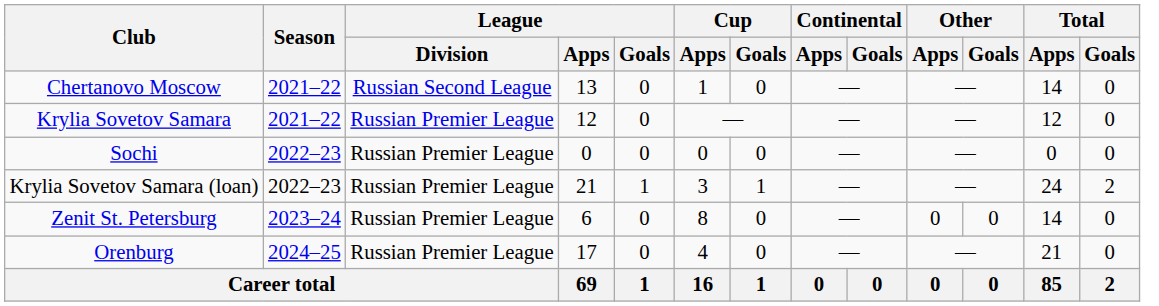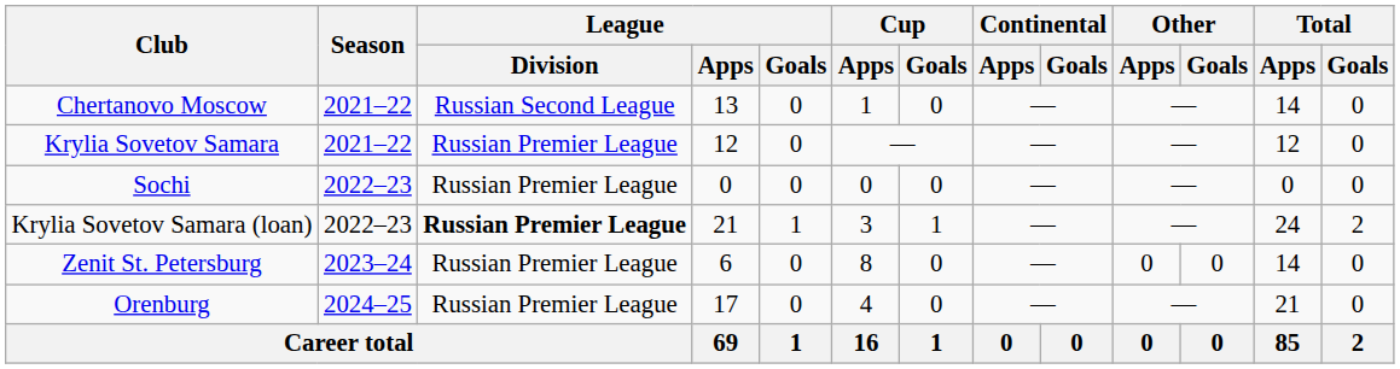 <table class="wikitable" style="text-align: center;">
 <tr>
 <th rowspan="2">Club</th>
 <th rowspan="2">Season</th>
 <th colspan="3">League</th>
 <th colspan="2">Cup</th>
 <th colspan="2">Continental</th>
 <th colspan="2">Other</th>
 <th colspan="2">Total</th>
 </tr>
 <tr>
 <th>Division</th>
 <th>Apps</th>
 <th>Goals</th>
 <th>Apps</th>
 <th>Goals</th>
 <th>Apps</th>
 <th>Goals</th>
 <th>Apps</th>
 <th>Goals</th>
 <th>Apps</th>
 <th>Goals</th>
 </tr>
 <tr>
 <td><a href='#'>Chertanovo Moscow</a></td>
 <td><a href='#'>2021–22</a></td>
 <td><a href='#'>Russian Second League</a></td>
 <td>13</td>
 <td>0</td>
 <td>1</td>
 <td>0</td>
 <td colspan="2">—</td>
 <td colspan="2">—</td>
 <td>14</td>
 <td>0</td>
 </tr>
 <tr>
 <td><a href='#'>Krylia Sovetov Samara</a></td>
 <td><a href='#'>2021–22</a></td>
 <td><a href='#'>Russian Premier League</a></td>
 <td>12</td>
 <td>0</td>
 <td colspan="2">—</td>
 <td colspan="2">—</td>
 <td colspan="2">—</td>
 <td>12</td>
 <td>0</td>
 </tr>
 <tr>
 <td><a href='#'>Sochi</a></td>
 <td><a href='#'>2022–23</a></td>
 <td>Russian Premier League</td>
 <td>0</td>
 <td>0</td>
 <td>0</td>
 <td>0</td>
 <td colspan="2">—</td>
 <td colspan="2">—</td>
 <td>0</td>
 <td>0</td>
 </tr>
 <tr>
 <td>Krylia Sovetov Samara (loan)</td>
 <td>2022–23</td>
-<td>Russian Premier League</td>
+<td><strong>Russian Premier League</strong></td>
 <td>21</td>
 <td>1</td>
 <td>3</td>
 <td>1</td>
 <td colspan="2">—</td>
 <td colspan="2">—</td>
 <td>24</td>
 <td>2</td>
 </tr>
 <tr>
 <td><a href='#'>Zenit St. Petersburg</a></td>
 <td><a href='#'>2023–24</a></td>
 <td>Russian Premier League</td>
 <td>6</td>
 <td>0</td>
 <td>8</td>
 <td>0</td>
 <td colspan="2">—</td>
 <td>0</td>
 <td>0</td>
 <td>14</td>
 <td>0</td>
 </tr>
 <tr>
 <td><a href='#'>Orenburg</a></td>
 <td><a href='#'>2024–25</a></td>
 <td>Russian Premier League</td>
 <td>17</td>
 <td>0</td>
 <td>4</td>
 <td>0</td>
 <td colspan="2">—</td>
 <td colspan="2">—</td>
 <td>21</td>
 <td>0</td>
 </tr>
 <tr>
 <th colspan="3">Career total</th>
 <th>69</th>
 <th>1</th>
 <th>16</th>
 <th>1</th>
 <th>0</th>
 <th>0</th>
 <th>0</th>
 <th>0</th>
 <th>85</th>
 <th>2</th>
 </tr>
 </table>
